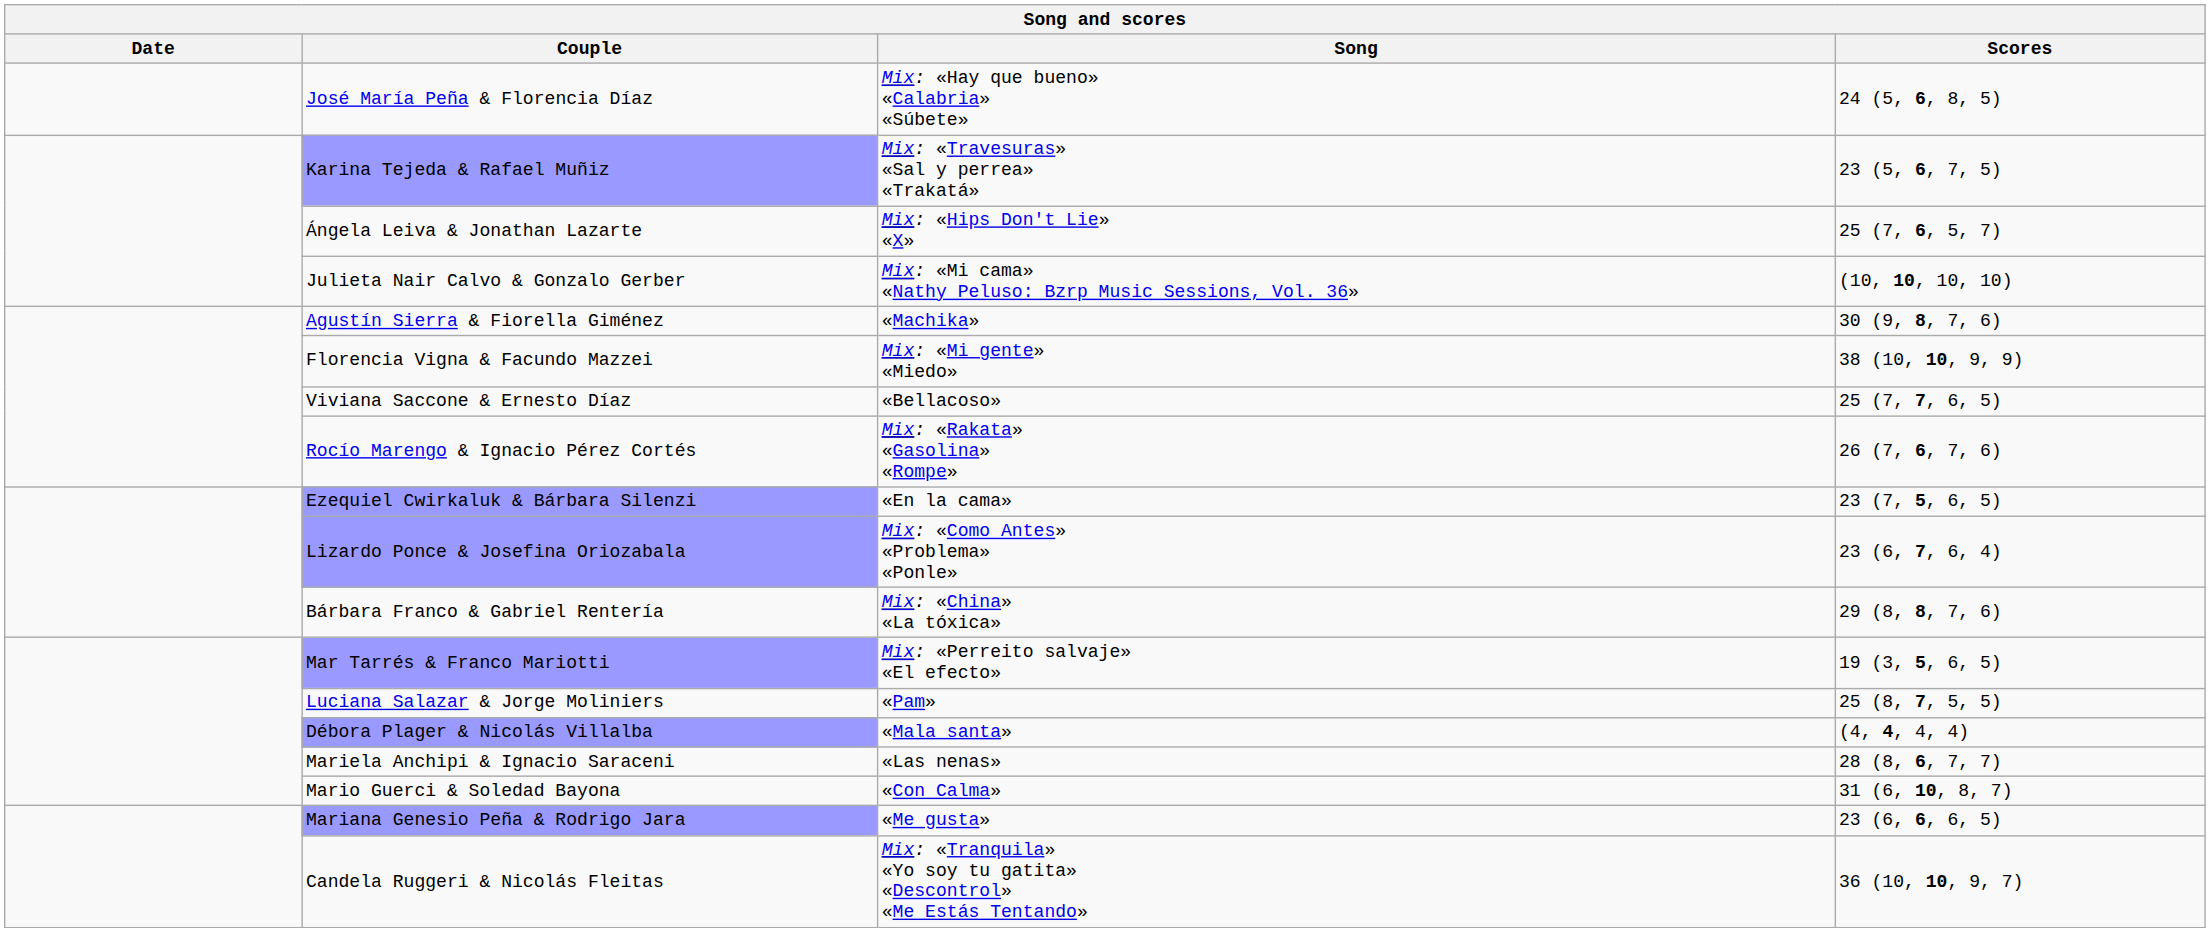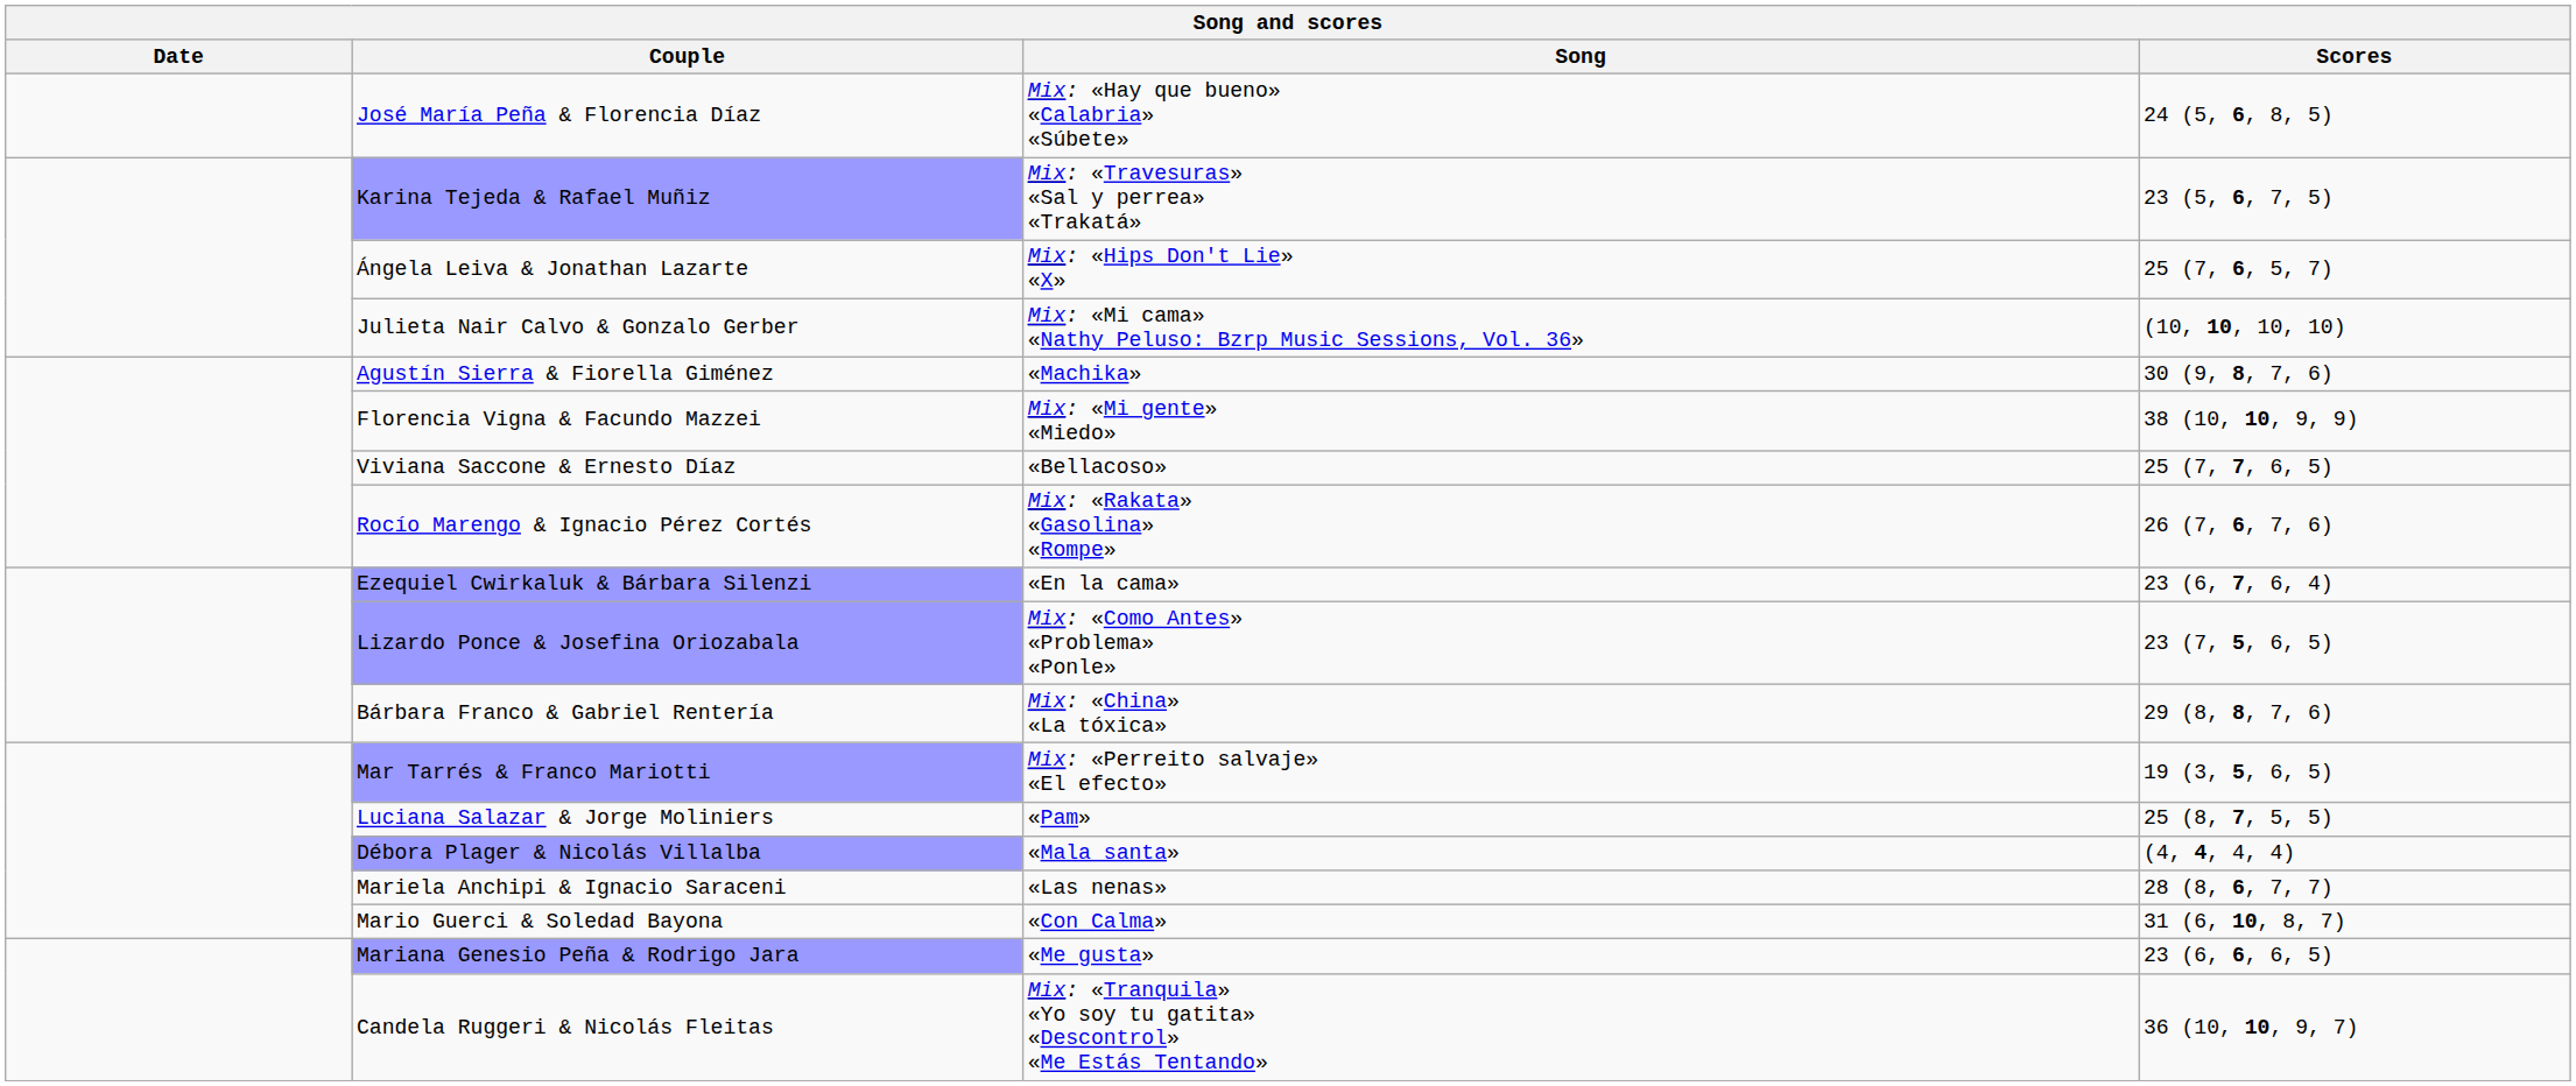 <table class="wikitable collapsible collapsed" style="text-align: align; width: 100%;">
 <tr>
 <th colspan="11" style="with: 100%;" align="center">Song and scores</th>
 </tr>
 <tr>
 <th width=95>Date</th>
 <th width=190>Couple</th>
 <th width=320>Song</th>
 <th width=120>Scores</th>
 </tr>
 <tr>
 <td></td>
 <td><a href='#'>José María Peña</a> & Florencia Díaz</td>
 <td><em><u><a href='#'>Mix</a></u>:</em> «Hay que bueno» <br>«<a href='#'>Calabria</a>» <br>«Súbete» </td>
 <td>24 (5, <strong>6</strong>, 8, 5)</td>
 </tr>
 <tr>
 <td rowspan="3"></td>
 <td bgcolor="#9999FF">Karina Tejeda & Rafael Muñiz</td>
 <td><em><u><a href='#'>Mix</a></u>:</em> «<a href='#'>Travesuras</a>» <br>«Sal y perrea» <br>«Trakatá» <br></td>
 <td>23 (5, <strong>6</strong>, 7, 5)</td>
 </tr>
 <tr>
 <td>Ángela Leiva & Jonathan Lazarte</td>
 <td><em><u><a href='#'>Mix</a></u>:</em> «<a href='#'>Hips Don't Lie</a>» <br>«<a href='#'>X</a>» </td>
 <td>25 (7, <strong>6</strong>, 5, 7)</td>
 </tr>
 <tr>
 <td>Julieta Nair Calvo & Gonzalo Gerber</td>
 <td><em><u><a href='#'>Mix</a></u>:</em> «Mi cama» <br>«<a href='#'>Nathy Peluso: Bzrp Music Sessions, Vol. 36</a>» </td>
 <td> (10, <strong>10</strong>, 10, 10)</td>
 </tr>
 <tr>
 <td rowspan="4"></td>
 <td><a href='#'>Agustín Sierra</a> & Fiorella Giménez</td>
 <td>«<a href='#'>Machika</a>» </td>
 <td>30 (9, <strong>8</strong>, 7, 6)</td>
 </tr>
 <tr>
 <td>Florencia Vigna & Facundo Mazzei</td>
 <td><em><u><a href='#'>Mix</a></u>:</em> «<a href='#'>Mi gente</a>» <br>«Miedo» </td>
 <td>38 (10, <strong>10</strong>, 9, 9)</td>
 </tr>
 <tr>
 <td>Viviana Saccone & Ernesto Díaz</td>
 <td>«Bellacoso» </td>
 <td>25 (7, <strong>7</strong>, 6, 5)</td>
 </tr>
 <tr>
 <td><a href='#'>Rocío Marengo</a> & Ignacio Pérez Cortés</td>
 <td><em><u><a href='#'>Mix</a></u>:</em> «<a href='#'>Rakata</a>» <br>«<a href='#'>Gasolina</a>» <br>«<a href='#'>Rompe</a>» <br></td>
 <td>26 (7, <strong>6</strong>, 7, 6)</td>
 </tr>
 <tr>
 <td rowspan="3"></td>
 <td bgcolor="#9999FF">Ezequiel Cwirkaluk & Bárbara Silenzi</td>
 <td>«En la cama» </td>
-<td>23 (7, <strong>5</strong>, 6, 5)</td>
+<td>23 (6, <strong>7</strong>, 6, 4)</td>
 </tr>
 <tr>
 <td bgcolor="#9999FF">Lizardo Ponce & Josefina Oriozabala</td>
 <td><em><u><a href='#'>Mix</a></u>:</em> «<a href='#'>Como Antes</a>» <br>«Problema»  <br>«Ponle» </td>
-<td>23 (6, <strong>7</strong>, 6, 4)</td>
+<td>23 (7, <strong>5</strong>, 6, 5)</td>
 </tr>
 <tr>
 <td>Bárbara Franco & Gabriel Rentería</td>
 <td><em><u><a href='#'>Mix</a></u>:</em> «<a href='#'>China</a>» <br>«La tóxica» </td>
 <td>29 (8, <strong>8</strong>, 7, 6)</td>
 </tr>
 <tr>
 <td rowspan="5"></td>
 <td bgcolor="#9999FF">Mar Tarrés & Franco Mariotti</td>
 <td><em><u><a href='#'>Mix</a></u>:</em> «Perreito salvaje» <br>«El efecto» </td>
 <td>19 (3, <strong>5</strong>, 6, 5)</td>
 </tr>
 <tr>
 <td><a href='#'>Luciana Salazar</a> & Jorge Moliniers</td>
 <td>«<a href='#'>Pam</a>» </td>
 <td>25 (8, <strong>7</strong>, 5, 5)</td>
 </tr>
 <tr>
 <td bgcolor="#9999FF">Débora Plager & Nicolás Villalba</td>
 <td>«<a href='#'>Mala santa</a>» </td>
 <td> (4, <strong>4</strong>, 4, 4)</td>
 </tr>
 <tr>
 <td>Mariela Anchipi & Ignacio Saraceni</td>
 <td>«Las nenas» </td>
 <td>28 (8, <strong>6</strong>, 7, 7)</td>
 </tr>
 <tr>
 <td>Mario Guerci & Soledad Bayona</td>
 <td>«<a href='#'>Con Calma</a>» </td>
 <td>31 (6, <strong>10</strong>, 8, 7)</td>
 </tr>
 <tr>
 <td rowspan="2"></td>
 <td bgcolor="#9999FF">Mariana Genesio Peña & Rodrigo Jara</td>
 <td>«<a href='#'>Me gusta</a>» </td>
 <td>23 (6, <strong>6</strong>, 6, 5)</td>
 </tr>
 <tr>
 <td>Candela Ruggeri & Nicolás Fleitas</td>
 <td><em><u><a href='#'>Mix</a></u>:</em> «<a href='#'>Tranquila</a>» <br>«Yo soy tu gatita» <br>«<a href='#'>Descontrol</a>» <br>«<a href='#'>Me Estás Tentando</a>» </td>
 <td>36 (10, <strong>10</strong>, 9, 7)</td>
 </tr>
 </table>
